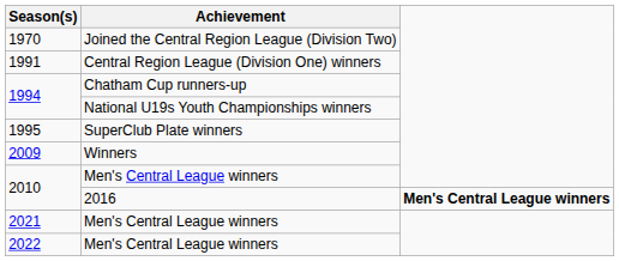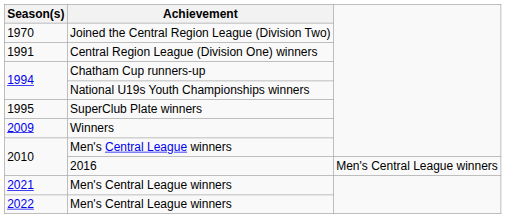 <table class="wikitable">
 <tr>
 <th>Season(s)</th>
 <th>Achievement</th>
 </tr>
 <tr>
 <td>1970</td>
 <td>Joined the Central Region League (Division Two)</td>
 </tr>
 <tr>
 <td>1991</td>
 <td>Central Region League (Division One) winners</td>
 </tr>
 <tr>
 <td rowspan=2><a href='#'>1994</a></td>
 <td>Chatham Cup runners-up</td>
 </tr>
 <tr>
 <td>National U19s Youth Championships winners</td>
 </tr>
 <tr>
 <td>1995</td>
 <td>SuperClub Plate winners</td>
 </tr>
 <tr>
 <td><a href='#'>2009</a></td>
 <td>Winners</td>
 </tr>
 <tr>
 <td rowspan=2>2010</td>
 <td>Men's <a href='#'>Central League</a> winners</td>
 </tr>
 <tr>
 <td>2016</td>
-<td><strong>Men's Central League winners</strong></td>
+<td>Men's Central League winners</td>
 </tr>
 <tr>
 <td><a href='#'>2021</a></td>
 <td>Men's Central League winners</td>
 </tr>
 <tr>
 <td><a href='#'>2022</a></td>
 <td>Men's Central League winners</td>
 </tr>
 </table>
